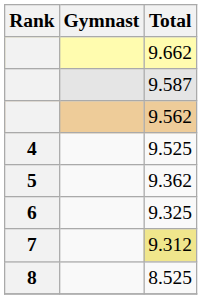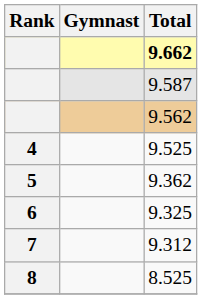 <table class="wikitable sortable" style="text-align:center; font-size:95%">
 <tr>
 <th scope=col>Rank</th>
 <th scope=col>Gymnast</th>
 <th scope=col>Total</th>
 </tr>
 <tr bgcolor=fffcaf>
 <th scope=row style="text-align:center"></th>
 <td align=left></td>
-<td>9.662</td>
+<td><strong>9.662</strong></td>
 </tr>
 <tr bgcolor=e5e5e5>
 <th scope=row style="text-align:center"></th>
 <td align=left></td>
 <td>9.587</td>
 </tr>
 <tr bgcolor=eecc99>
 <th scope=row style="text-align:center"></th>
 <td align=left></td>
 <td>9.562</td>
 </tr>
 <tr>
 <th scope=row style="text-align:center">4</th>
 <td align=left></td>
 <td>9.525</td>
 </tr>
 <tr>
 <th scope=row style="text-align:center">5</th>
 <td align=left></td>
 <td>9.362</td>
 </tr>
 <tr>
 <th scope=row style="text-align:center">6</th>
 <td align=left></td>
 <td>9.325</td>
 </tr>
 <tr>
 <th scope=row style="text-align:center">7</th>
 <td align=left></td>
-<td style="background: khaki;">9.312</td>
+<td>9.312</td>
 </tr>
 <tr>
 <th scope=row style="text-align:center">8</th>
 <td align=left></td>
 <td>8.525</td>
 </tr>
 <tr>
 </tr>
 </table>
